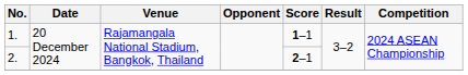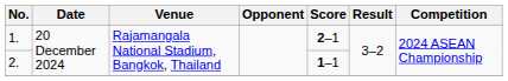 <table class="wikitable">
 <tr>
 <th>No.</th>
 <th>Date</th>
 <th>Venue</th>
 <th>Opponent</th>
 <th>Score</th>
 <th>Result</th>
 <th>Competition</th>
 </tr>
 <tr>
 <td>1.</td>
 <td rowspan=2>20 December 2024</td>
 <td rowspan=2><a href='#'>Rajamangala National Stadium</a>, <a href='#'>Bangkok</a>, <a href='#'>Thailand</a></td>
 <td rowspan=2></td>
-<td align=center><strong>1</strong>–1</td>
+<td align=center><strong>2</strong>–1</td>
 <td rowspan=2 align=center>3–2</td>
 <td rowspan=2><a href='#'>2024 ASEAN Championship</a></td>
 </tr>
 <tr>
 <td>2.</td>
-<td align=center><strong>2</strong>–1</td>
+<td align=center><strong>1</strong>–1</td>
 </tr>
 <tr>
 </tr>
 </table>
